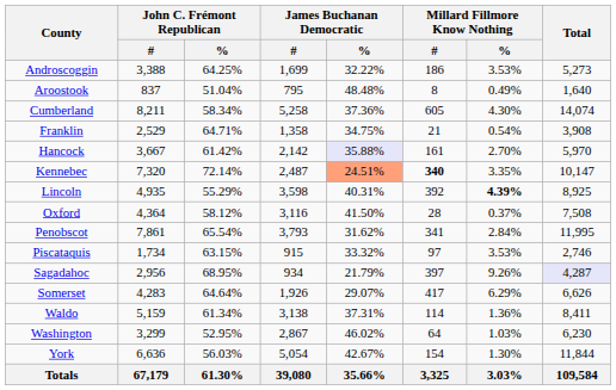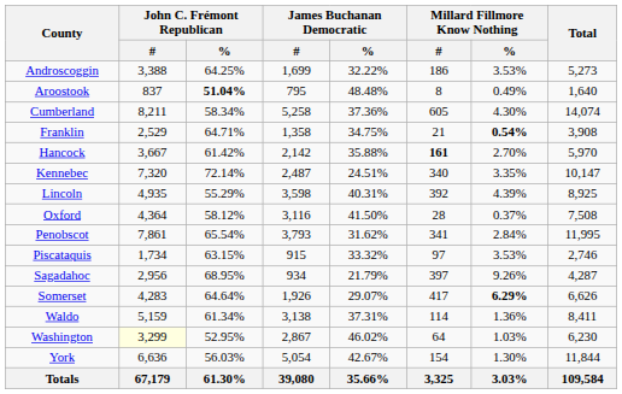 <table class="wikitable sortable" width="60%" style="text-align:center">
 <tr>
 <th rowspan="2" style="text-align:center;">County</th>
 <th colspan="2" style="text-align:center;">John C. Frémont<br>Republican</th>
 <th colspan="2" style="text-align:center;">James Buchanan<br>Democratic</th>
 <th colspan="2" style="text-align:center;">Millard Fillmore<br>Know Nothing</th>
 <th rowspan="2" style="text-align:center;">Total</th>
 </tr>
 <tr>
 <th data-sort-type="number" style="text-align:center;">#</th>
 <th data-sort-type="number" style="text-align:center;">%</th>
 <th data-sort-type="number" style="text-align:center;">#</th>
 <th data-sort-type="number" style="text-align:center;">%</th>
 <th data-sort-type="number" style="text-align:center;">#</th>
 <th data-sort-type="number" style="text-align:center;">%</th>
 </tr>
 <tr style="text-align:center;">
 <td><a href='#'>Androscoggin</a></td>
 <td>3,388</td>
 <td>64.25%</td>
 <td>1,699</td>
 <td>32.22%</td>
 <td>186</td>
 <td>3.53%</td>
 <td>5,273</td>
 </tr>
 <tr style="text-align:center;">
 <td><a href='#'>Aroostook</a></td>
 <td>837</td>
-<td>51.04%</td>
+<td><strong>51.04%</strong></td>
 <td>795</td>
 <td>48.48%</td>
 <td>8</td>
 <td>0.49%</td>
 <td>1,640</td>
 </tr>
 <tr style="text-align:center;">
 <td><a href='#'>Cumberland</a></td>
 <td>8,211</td>
 <td>58.34%</td>
 <td>5,258</td>
 <td>37.36%</td>
 <td>605</td>
 <td>4.30%</td>
 <td>14,074</td>
 </tr>
 <tr style="text-align:center;">
 <td><a href='#'>Franklin</a></td>
 <td>2,529</td>
 <td>64.71%</td>
 <td>1,358</td>
 <td>34.75%</td>
 <td>21</td>
-<td>0.54%</td>
+<td><strong>0.54%</strong></td>
 <td>3,908</td>
 </tr>
 <tr style="text-align:center;">
 <td><a href='#'>Hancock</a></td>
 <td>3,667</td>
 <td>61.42%</td>
 <td>2,142</td>
-<td style="background: lavender;">35.88%</td>
-<td>161</td>
+<td>35.88%</td>
+<td><strong>161</strong></td>
 <td>2.70%</td>
 <td>5,970</td>
 </tr>
 <tr style="text-align:center;">
 <td><a href='#'>Kennebec</a></td>
 <td>7,320</td>
 <td>72.14%</td>
 <td>2,487</td>
-<td style="background: lightsalmon;">24.51%</td>
-<td><strong>340</strong></td>
+<td>24.51%</td>
+<td>340</td>
 <td>3.35%</td>
 <td>10,147</td>
 </tr>
 <tr style="text-align:center;">
 <td><a href='#'>Lincoln</a></td>
 <td>4,935</td>
 <td>55.29%</td>
 <td>3,598</td>
 <td>40.31%</td>
 <td>392</td>
-<td><strong>4.39%</strong></td>
+<td>4.39%</td>
 <td>8,925</td>
 </tr>
 <tr style="text-align:center;">
 <td><a href='#'>Oxford</a></td>
 <td>4,364</td>
 <td>58.12%</td>
 <td>3,116</td>
 <td>41.50%</td>
 <td>28</td>
 <td>0.37%</td>
 <td>7,508</td>
 </tr>
 <tr style="text-align:center;">
 <td><a href='#'>Penobscot</a></td>
 <td>7,861</td>
 <td>65.54%</td>
 <td>3,793</td>
 <td>31.62%</td>
 <td>341</td>
 <td>2.84%</td>
 <td>11,995</td>
 </tr>
 <tr style="text-align:center;">
 <td><a href='#'>Piscataquis</a></td>
 <td>1,734</td>
 <td>63.15%</td>
 <td>915</td>
 <td>33.32%</td>
 <td>97</td>
 <td>3.53%</td>
 <td>2,746</td>
 </tr>
 <tr style="text-align:center;">
 <td><a href='#'>Sagadahoc</a></td>
 <td>2,956</td>
 <td>68.95%</td>
 <td>934</td>
 <td>21.79%</td>
 <td>397</td>
 <td>9.26%</td>
-<td style="background: lavender;">4,287</td>
+<td>4,287</td>
 </tr>
 <tr style="text-align:center;">
 <td><a href='#'>Somerset</a></td>
 <td>4,283</td>
 <td>64.64%</td>
 <td>1,926</td>
 <td>29.07%</td>
 <td>417</td>
-<td>6.29%</td>
+<td><strong>6.29%</strong></td>
 <td>6,626</td>
 </tr>
 <tr style="text-align:center;">
 <td><a href='#'>Waldo</a></td>
 <td>5,159</td>
 <td>61.34%</td>
 <td>3,138</td>
 <td>37.31%</td>
 <td>114</td>
 <td>1.36%</td>
 <td>8,411</td>
 </tr>
 <tr style="text-align:center;">
 <td><a href='#'>Washington</a></td>
-<td>3,299</td>
+<td style="background: lightyellow;">3,299</td>
 <td>52.95%</td>
 <td>2,867</td>
 <td>46.02%</td>
 <td>64</td>
 <td>1.03%</td>
 <td>6,230</td>
 </tr>
 <tr style="text-align:center;">
 <td><a href='#'>York</a></td>
 <td>6,636</td>
 <td>56.03%</td>
 <td>5,054</td>
 <td>42.67%</td>
 <td>154</td>
 <td>1.30%</td>
 <td>11,844</td>
 </tr>
 <tr>
 <th>Totals</th>
 <th>67,179</th>
 <th>61.30%</th>
 <th>39,080</th>
 <th>35.66%</th>
 <th>3,325</th>
 <th>3.03%</th>
 <th>109,584</th>
 </tr>
 </table>
